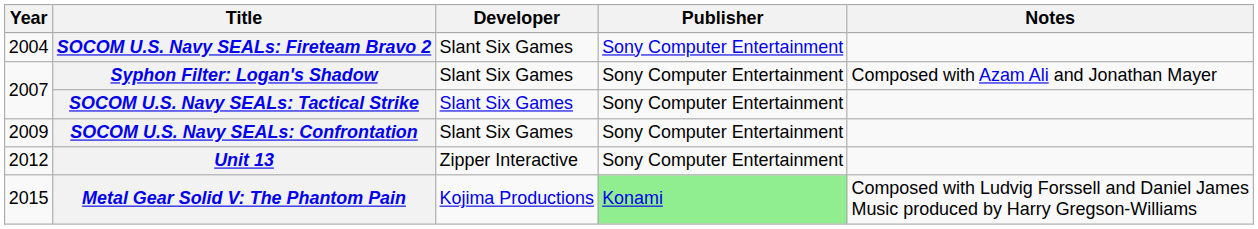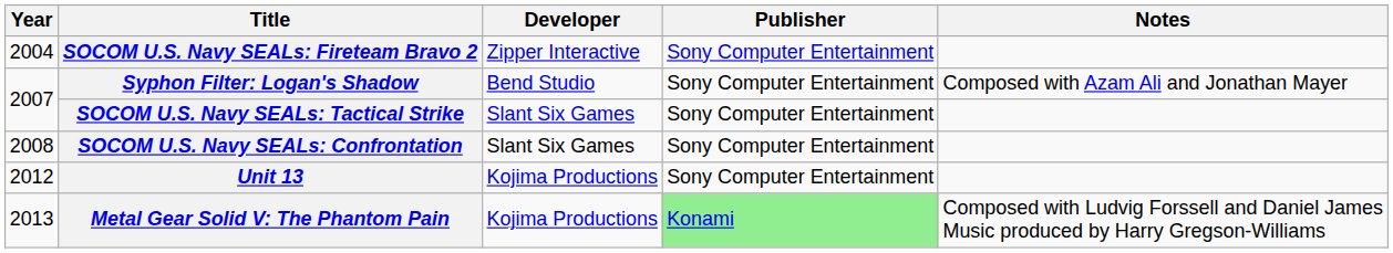 <table class="wikitable plainrowheaders">
 <tr>
 <th>Year</th>
 <th>Title</th>
 <th>Developer</th>
 <th>Publisher</th>
 <th>Notes</th>
 </tr>
 <tr>
 <td>2004</td>
 <th scope="row" style="text-align:center;"><em><a href='#'>SOCOM U.S. Navy SEALs: Fireteam Bravo 2</a></em></th>
-<td>Slant Six Games</td>
+<td><a href='#'>Zipper Interactive</a></td>
 <td><a href='#'>Sony Computer Entertainment</a></td>
 <td></td>
 </tr>
 <tr>
 <td rowspan="2">2007</td>
 <th scope="row" style="text-align:center;"><em><a href='#'>Syphon Filter: Logan's Shadow</a></em></th>
-<td>Slant Six Games</td>
+<td><a href='#'>Bend Studio</a></td>
 <td>Sony Computer Entertainment</td>
 <td>Composed with <a href='#'>Azam Ali</a> and Jonathan Mayer</td>
 </tr>
 <tr>
 <th scope="row" style="text-align:center;"><em><a href='#'>SOCOM U.S. Navy SEALs: Tactical Strike</a></em></th>
 <td><a href='#'>Slant Six Games</a></td>
 <td>Sony Computer Entertainment</td>
 <td></td>
 </tr>
 <tr>
-<td>2009</td>
+<td>2008</td>
 <th scope="row" style="text-align:center;"><em><a href='#'>SOCOM U.S. Navy SEALs: Confrontation</a></em></th>
 <td>Slant Six Games</td>
 <td>Sony Computer Entertainment</td>
 <td></td>
 </tr>
 <tr>
 <td>2012</td>
 <th scope="row" style="text-align:center;"><em><a href='#'>Unit 13</a></em></th>
-<td>Zipper Interactive</td>
+<td><a href='#'>Kojima Productions</a></td>
 <td>Sony Computer Entertainment</td>
 <td></td>
 </tr>
 <tr>
-<td>2015</td>
+<td>2013</td>
 <th scope="row" style="text-align:center;"><em><a href='#'>Metal Gear Solid V: The Phantom Pain</a></em></th>
 <td><a href='#'>Kojima Productions</a></td>
 <td style="background: lightgreen;"><a href='#'>Konami</a></td>
 <td>Composed with Ludvig Forssell and Daniel James<br>Music produced by Harry Gregson-Williams</td>
 </tr>
 </table>
